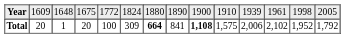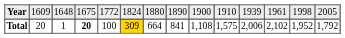 <table border="1" cellpadding="2" cellspacing="0" width="500">
 <tr bgcolor="#eeeeee" align="center">
 <td><strong>Year</strong></td>
 <td>1609</td>
 <td>1648</td>
 <td>1675</td>
 <td>1772</td>
 <td>1824</td>
 <td>1880</td>
 <td>1890</td>
 <td>1900</td>
 <td>1910</td>
 <td>1939</td>
 <td>1961</td>
 <td>1998</td>
 <td>2005</td>
 </tr>
 <tr align="center">
 <td><strong>Total</strong></td>
 <td>20</td>
 <td>1</td>
-<td>20</td>
+<td><strong>20</strong></td>
 <td>100</td>
-<td>309</td>
-<td><strong>664</strong></td>
+<td style="background: gold;">309</td>
+<td>664</td>
 <td>841</td>
-<td><strong>1,108</strong></td>
+<td>1,108</td>
 <td>1,575</td>
 <td>2,006</td>
 <td>2,102</td>
 <td>1,952</td>
 <td>1,792</td>
 </tr>
 </table>
